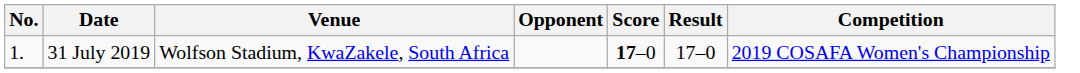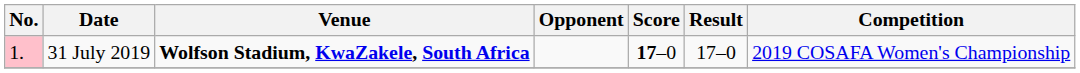 <table class="wikitable">
 <tr>
 <th>No.</th>
 <th>Date</th>
 <th>Venue</th>
 <th>Opponent</th>
 <th>Score</th>
 <th>Result</th>
 <th>Competition</th>
 </tr>
 <tr>
-<td>1.</td>
+<td style="background: pink;">1.</td>
 <td>31 July 2019</td>
-<td>Wolfson Stadium, <a href='#'>KwaZakele</a>, <a href='#'>South Africa</a></td>
+<td><strong>Wolfson Stadium, <a href='#'>KwaZakele</a>, <a href='#'>South Africa</a></strong></td>
 <td></td>
 <td align="center"><strong>17</strong>–0</td>
 <td align="center">17–0</td>
 <td><a href='#'>2019 COSAFA Women's Championship</a></td>
 </tr>
 <tr>
 </tr>
 </table>
